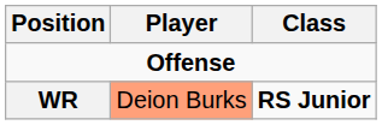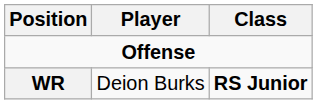 <table class="wikitable">
 <tr>
 <th>Position</th>
 <th>Player</th>
 <th>Class</th>
 </tr>
 <tr>
 <td colspan="4" style="text-align:center; "><strong>Offense</strong></td>
 </tr>
 <tr style="text-align:center;">
 <th rowspan="1">WR</th>
-<td style="background: lightsalmon;">Deion Burks</td>
+<td>Deion Burks</td>
 <td><strong>RS Junior</strong></td>
 </tr>
 </table>
